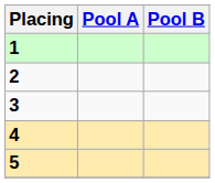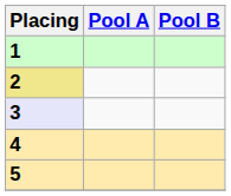 <table class=wikitable style="border:1px solid #AAAAAA;">
 <tr>
 <th>Placing</th>
 <th><a href='#'>Pool A</a></th>
 <th><a href='#'>Pool B</a></th>
 </tr>
 <tr style="background: #ccffcc;">
 <td><strong>1</strong></td>
 <td></td>
 <td></td>
 </tr>
 <tr>
-<td><strong>2</strong></td>
+<td style="background: khaki;"><strong>2</strong></td>
 <td></td>
 <td></td>
 </tr>
 <tr>
-<td><strong>3</strong></td>
+<td style="background: lavender;"><strong>3</strong></td>
 <td></td>
 <td></td>
 </tr>
 <tr style="background: #ffebad;">
 <td><strong>4</strong></td>
 <td></td>
 <td></td>
 </tr>
 <tr style="background: #ffebad;">
 <td><strong>5</strong></td>
 <td></td>
 <td></td>
 </tr>
 <tr>
 </tr>
 </table>
